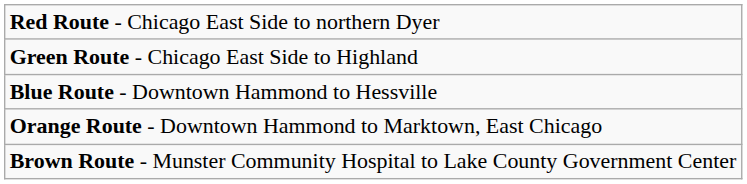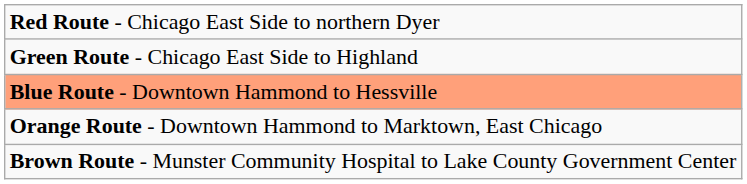 <table class="wikitable">
 <tr>
 <td> <strong>Red Route</strong> - Chicago East Side to northern Dyer</td>
 </tr>
 <tr>
 <td> <strong>Green Route</strong> - Chicago East Side to Highland</td>
 </tr>
 <tr>
-<td> <strong>Blue Route</strong> - Downtown Hammond to Hessville</td>
+<td style="background: lightsalmon;"> <strong>Blue Route</strong> - Downtown Hammond to Hessville</td>
 </tr>
 <tr>
 <td> <strong>Orange Route</strong> - Downtown Hammond to Marktown, East Chicago</td>
 </tr>
 <tr>
 <td> <strong>Brown Route</strong> - Munster Community Hospital to Lake County Government Center</td>
 </tr>
 </table>
